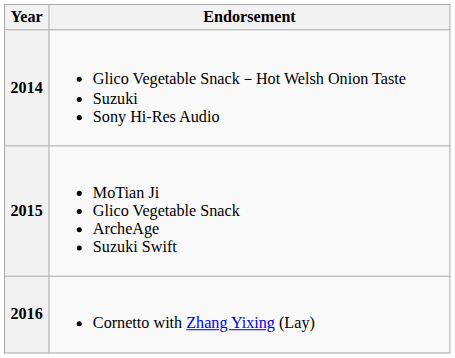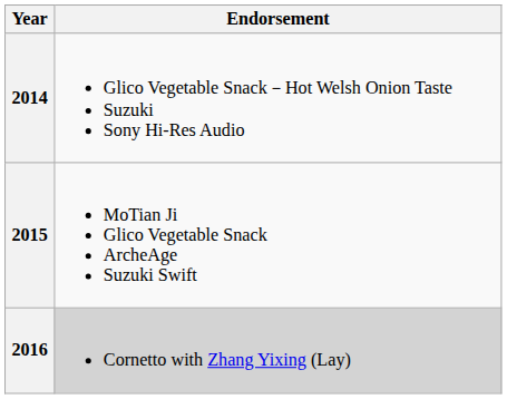 <table class="wikitable" width="35%">
 <tr>
 <th>Year</th>
 <th>Endorsement</th>
 </tr>
 <tr>
 <th>2014</th>
 <td><br><ul><li>Glico Vegetable Snack－Hot Welsh Onion Taste</li><li>Suzuki</li><li>Sony Hi-Res Audio</li></ul></td>
 </tr>
 <tr>
 <th>2015</th>
 <td><br><ul><li>MoTian Ji</li><li>Glico Vegetable Snack</li><li>ArcheAge</li><li>Suzuki Swift</li></ul></td>
 </tr>
 <tr>
 <th>2016</th>
-<td><br><ul><li>Cornetto with <a href='#'>Zhang Yixing</a> (Lay)</li></ul></td>
+<td style="background: lightgrey;"><br><ul><li>Cornetto with <a href='#'>Zhang Yixing</a> (Lay)</li></ul></td>
 </tr>
 </table>
